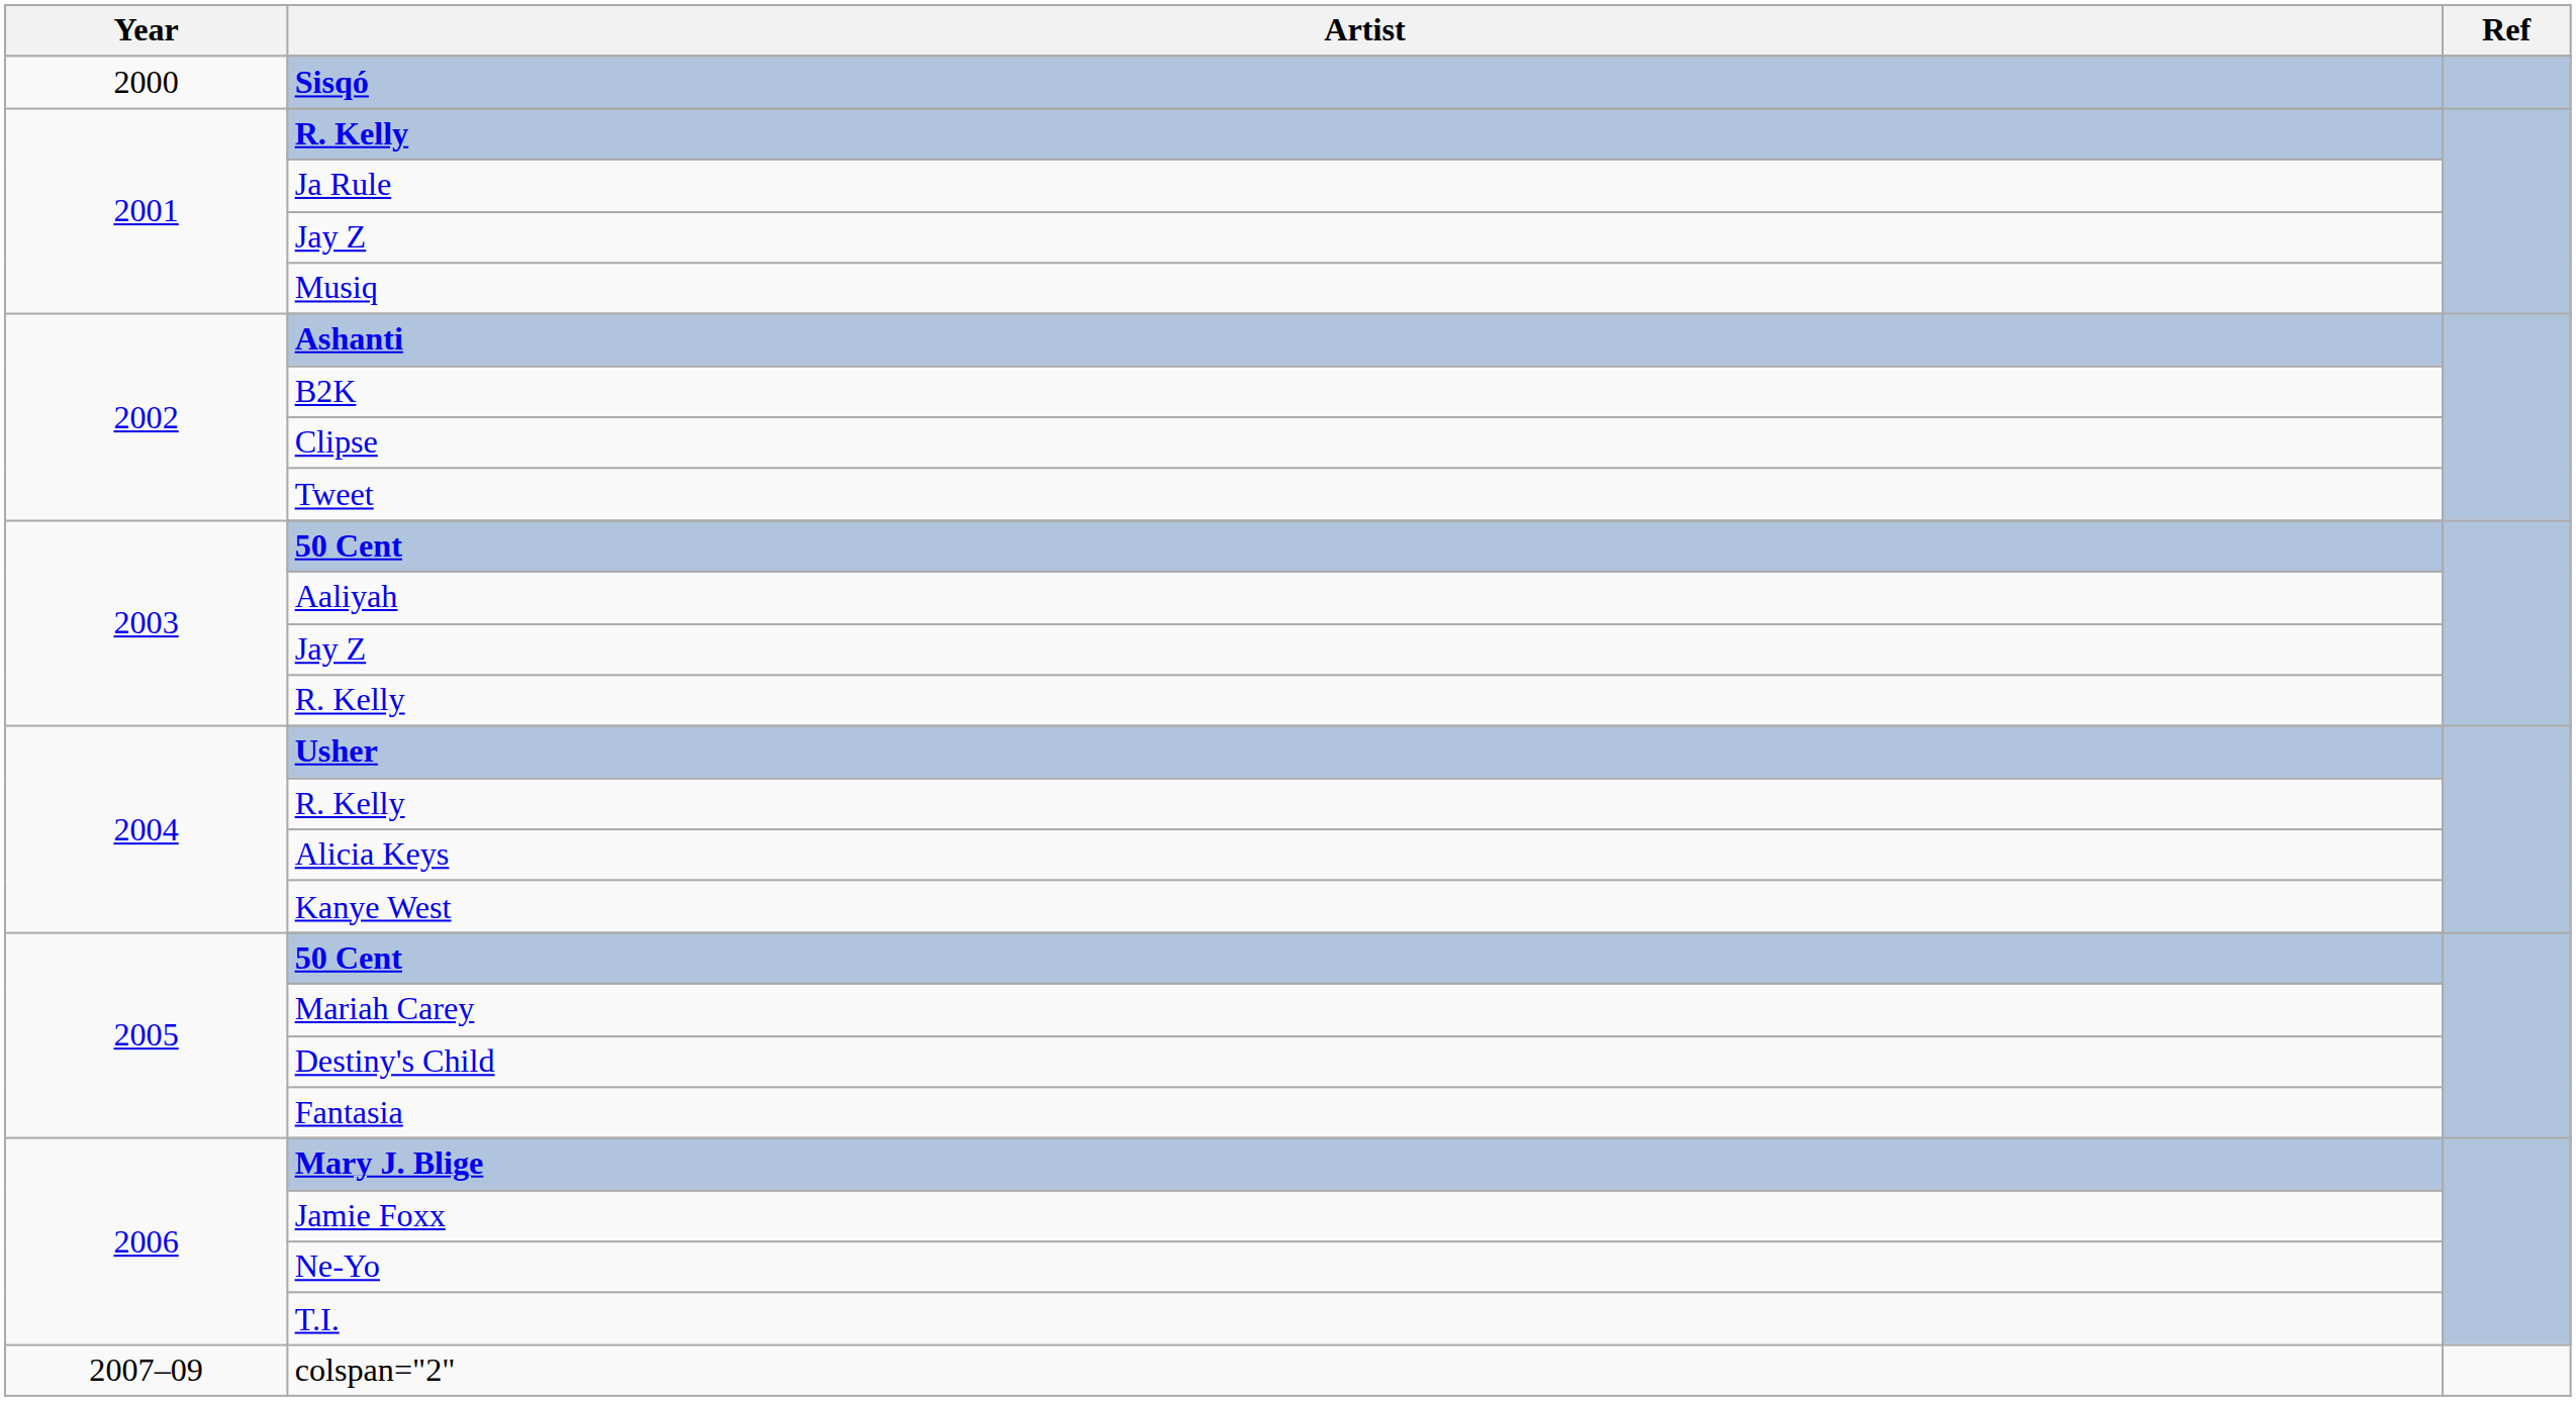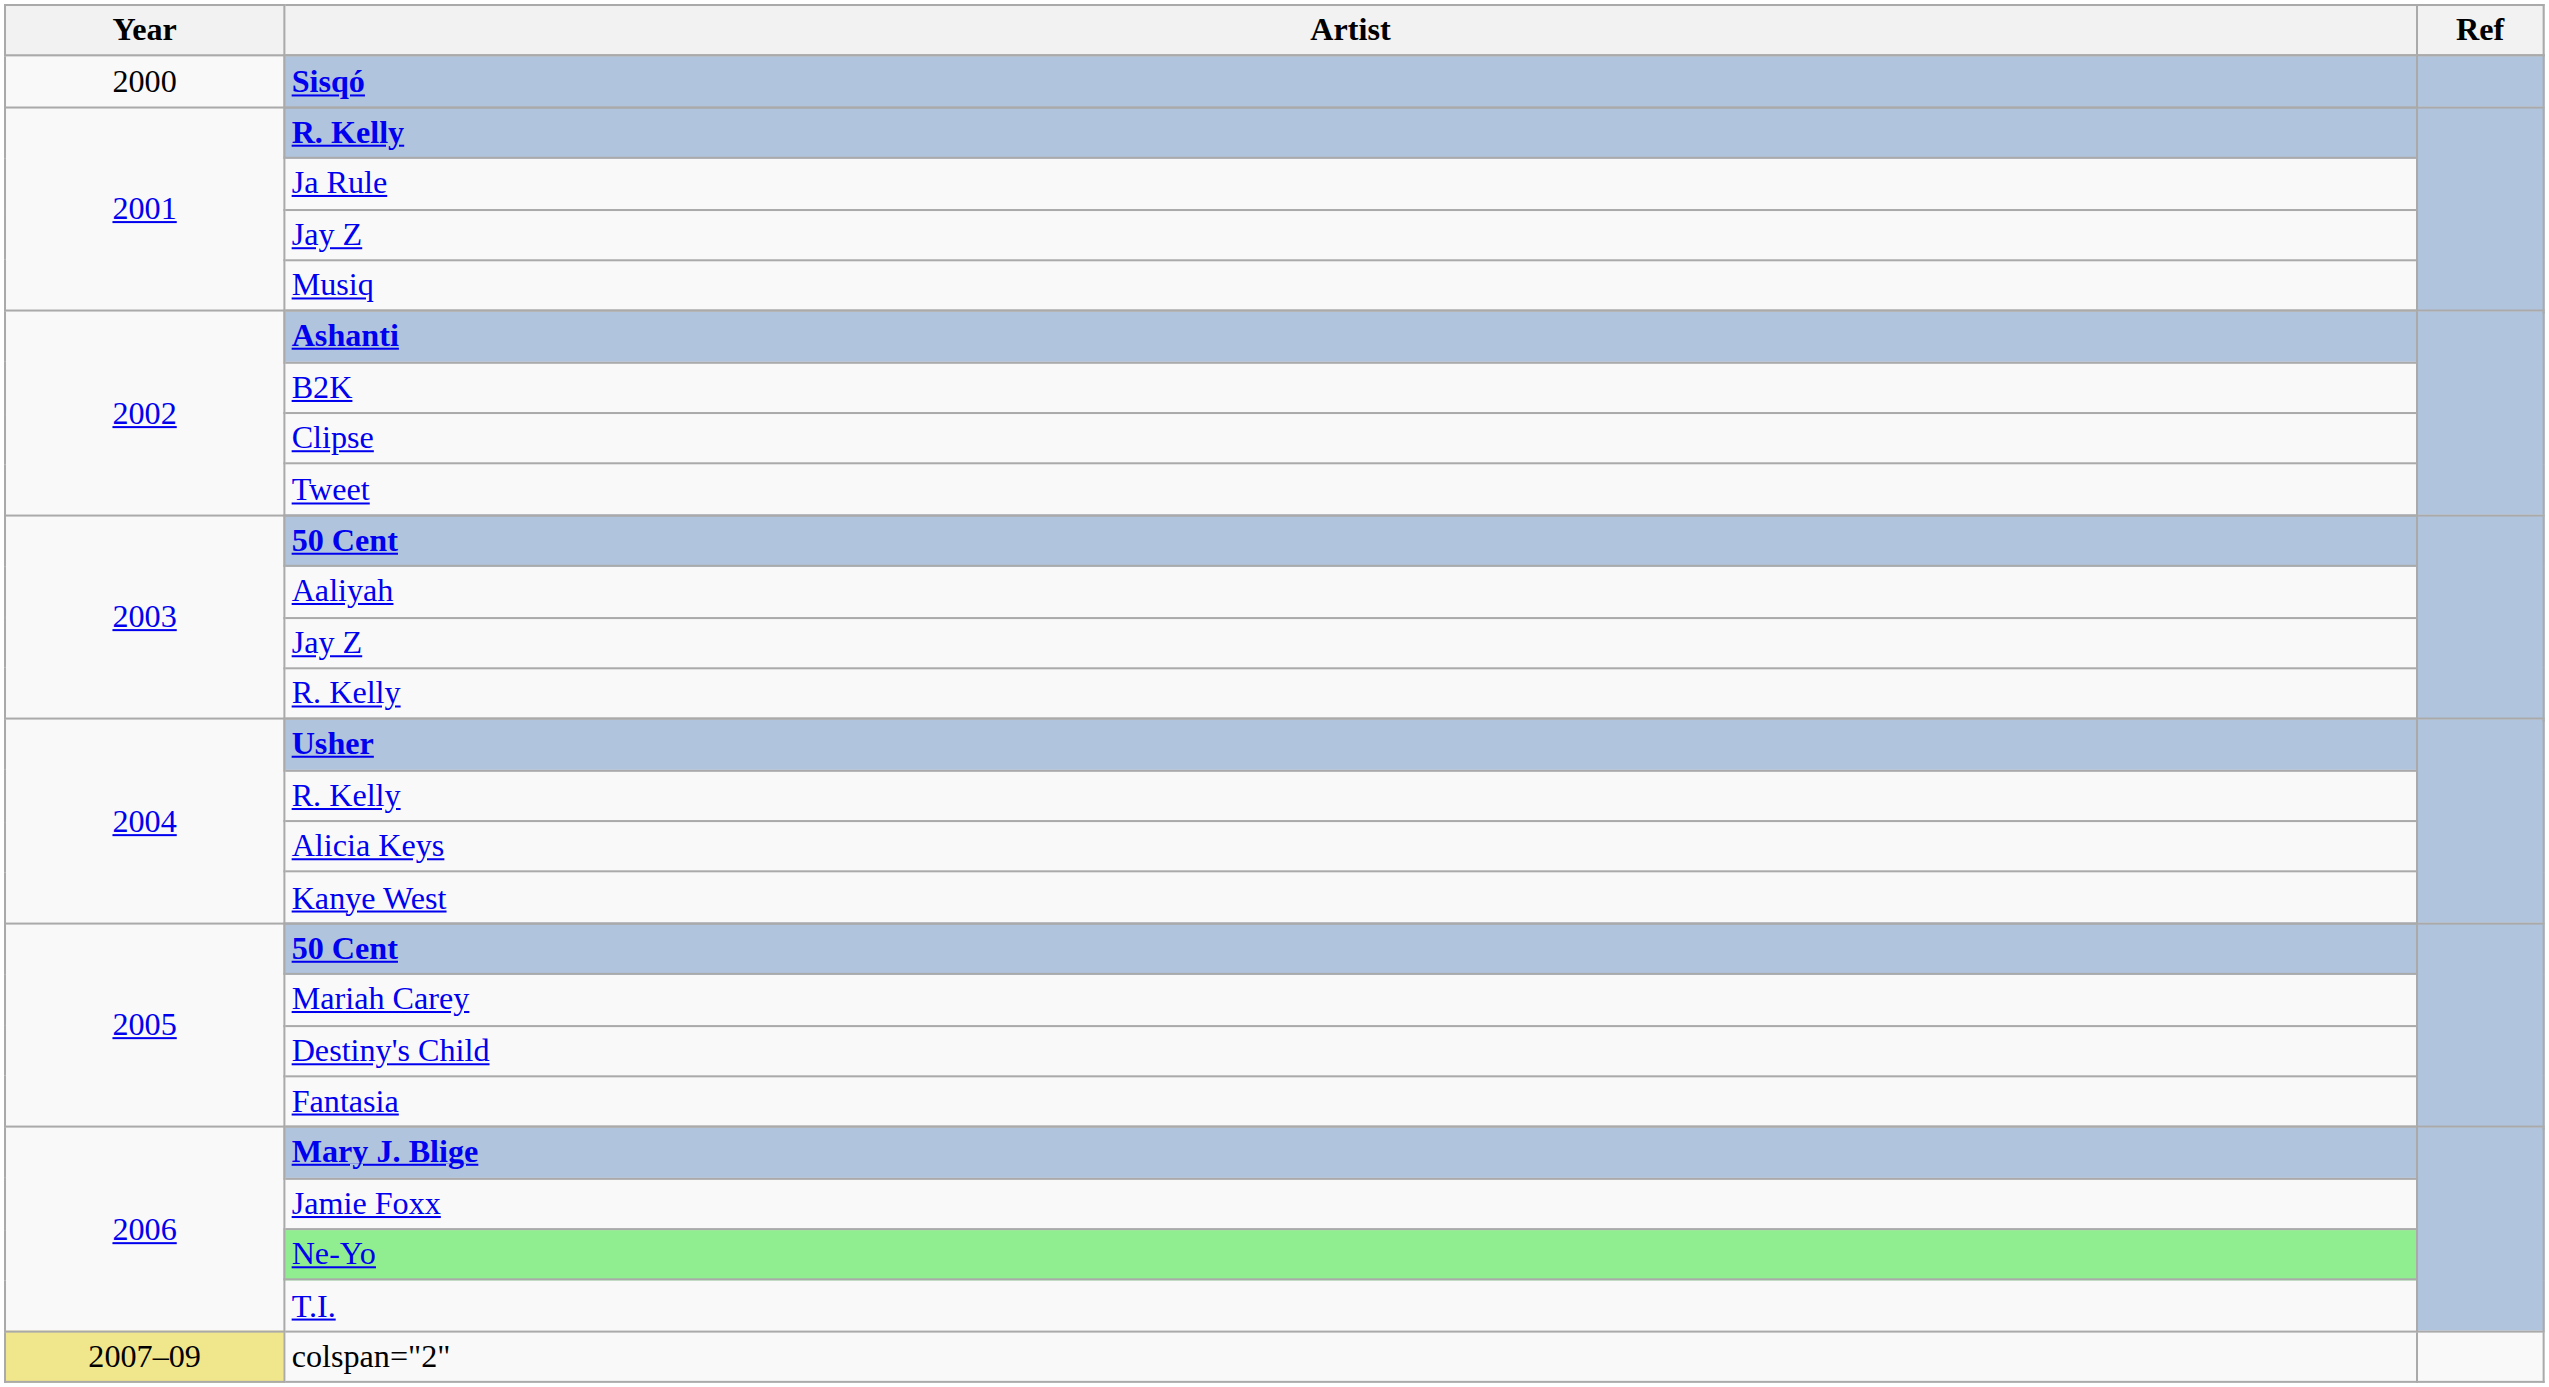 <table class="wikitable" style="width:100%;">
 <tr style="background:#bebebe;">
 <th style="width:11%;">Year</th>
 <th style="width:84%;">Artist</th>
 <th style="width:5%;">Ref</th>
 </tr>
 <tr>
 <td rowspan="2" align="center">2000</td>
 </tr>
 <tr style="background:#B0C4DE">
 <td><strong><a href='#'>Sisqó</a></strong></td>
 <td rowspan="2" align="center"></td>
 </tr>
 <tr>
 <td rowspan="5" align="center"><a href='#'>2001</a></td>
 </tr>
 <tr style="background:#B0C4DE">
 <td><strong><a href='#'>R. Kelly</a></strong></td>
 <td rowspan="5" align="center"></td>
 </tr>
 <tr>
 <td><a href='#'>Ja Rule</a></td>
 </tr>
 <tr>
 <td><a href='#'>Jay Z</a></td>
 </tr>
 <tr>
 <td><a href='#'>Musiq</a></td>
 </tr>
 <tr>
 <td rowspan="5" align="center"><a href='#'>2002</a></td>
 </tr>
 <tr style="background:#B0C4DE">
 <td><strong><a href='#'>Ashanti</a></strong></td>
 <td rowspan="5" align="center"></td>
 </tr>
 <tr>
 <td><a href='#'>B2K</a></td>
 </tr>
 <tr>
 <td><a href='#'>Clipse</a></td>
 </tr>
 <tr>
 <td><a href='#'>Tweet</a></td>
 </tr>
 <tr>
 <td rowspan="5" align="center"><a href='#'>2003</a></td>
 </tr>
 <tr style="background:#B0C4DE">
 <td><strong><a href='#'>50 Cent</a></strong></td>
 <td rowspan="5" align="center"></td>
 </tr>
 <tr>
 <td><a href='#'>Aaliyah</a></td>
 </tr>
 <tr>
 <td><a href='#'>Jay Z</a></td>
 </tr>
 <tr>
 <td><a href='#'>R. Kelly</a></td>
 </tr>
 <tr>
 <td rowspan="5" align="center"><a href='#'>2004</a></td>
 </tr>
 <tr style="background:#B0C4DE">
 <td><strong><a href='#'>Usher</a></strong></td>
 <td rowspan="5" align="center"></td>
 </tr>
 <tr>
 <td><a href='#'>R. Kelly</a></td>
 </tr>
 <tr>
 <td><a href='#'>Alicia Keys</a></td>
 </tr>
 <tr>
 <td><a href='#'>Kanye West</a></td>
 </tr>
 <tr>
 <td rowspan="5" align="center"><a href='#'>2005</a></td>
 </tr>
 <tr style="background:#B0C4DE">
 <td><strong><a href='#'>50 Cent</a></strong></td>
 <td rowspan="5" align="center"></td>
 </tr>
 <tr>
 <td><a href='#'>Mariah Carey</a></td>
 </tr>
 <tr>
 <td><a href='#'>Destiny's Child</a></td>
 </tr>
 <tr>
 <td><a href='#'>Fantasia</a></td>
 </tr>
 <tr>
 <td rowspan="5" align="center"><a href='#'>2006</a></td>
 </tr>
 <tr style="background:#B0C4DE">
 <td><strong><a href='#'>Mary J. Blige</a></strong></td>
 <td rowspan="4" align="center"></td>
 </tr>
 <tr>
 <td><a href='#'>Jamie Foxx</a></td>
 </tr>
 <tr>
-<td><a href='#'>Ne-Yo</a></td>
+<td style="background: lightgreen;"><a href='#'>Ne-Yo</a></td>
 </tr>
 <tr>
 <td><a href='#'>T.I.</a></td>
 </tr>
 <tr>
-<td align="center">2007–09</td>
+<td align="center" style="background: khaki;">2007–09</td>
 <td>colspan="2" </td>
 </tr>
 </table>
